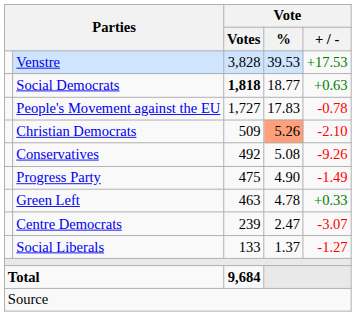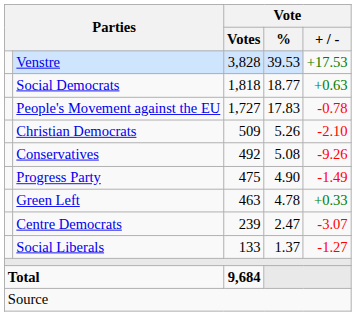 <table class="wikitable" style="text-align:right;">
 <tr>
 <th style="text-align:centre;" rowspan="2" colspan="2" width="225">Parties</th>
 <th colspan="3">Vote</th>
 </tr>
 <tr>
 <th width="15">Votes</th>
 <th width="15">%</th>
 <th width="15">+ / -</th>
 </tr>
 <tr>
 <td width="2" style="color:inherit;background:"></td>
 <td bgcolor=#cfe5fe   align="left"><a href='#'>Venstre</a></td>
 <td bgcolor=#cfe5fe>3,828</td>
 <td bgcolor=#cfe5fe>39.53</td>
 <td style=color:green;>+17.53</td>
 </tr>
 <tr>
 <td width="2" style="color:inherit;background:"></td>
 <td align="left"><a href='#'>Social Democrats</a></td>
-<td><strong>1,818</strong></td>
+<td>1,818</td>
 <td>18.77</td>
 <td style=color:green;>+0.63</td>
 </tr>
 <tr>
 <td width="2" style="color:inherit;background:"></td>
 <td align="left"><a href='#'>People's Movement against the EU</a></td>
 <td>1,727</td>
 <td>17.83</td>
 <td style=color:red;>-0.78</td>
 </tr>
 <tr>
 <td width="2" style="color:inherit;background:"></td>
 <td align="left"><a href='#'>Christian Democrats</a></td>
 <td>509</td>
-<td style="background: lightsalmon;">5.26</td>
+<td>5.26</td>
 <td style=color:red;>-2.10</td>
 </tr>
 <tr>
 <td width="2" style="color:inherit;background:"></td>
 <td align="left"><a href='#'>Conservatives</a></td>
 <td>492</td>
 <td>5.08</td>
 <td style=color:red;>-9.26</td>
 </tr>
 <tr>
 <td width="2" style="color:inherit;background:"></td>
 <td align="left"><a href='#'>Progress Party</a></td>
 <td>475</td>
 <td>4.90</td>
 <td style=color:red;>-1.49</td>
 </tr>
 <tr>
 <td width="2" style="color:inherit;background:"></td>
 <td align="left"><a href='#'>Green Left</a></td>
 <td>463</td>
 <td>4.78</td>
 <td style=color:green;>+0.33</td>
 </tr>
 <tr>
 <td width="2" style="color:inherit;background:"></td>
 <td align="left"><a href='#'>Centre Democrats</a></td>
 <td>239</td>
 <td>2.47</td>
 <td style=color:red;>-3.07</td>
 </tr>
 <tr>
 <td width="2" style="color:inherit;background:"></td>
 <td align="left"><a href='#'>Social Liberals</a></td>
 <td>133</td>
 <td>1.37</td>
 <td style=color:red;>-1.27</td>
 </tr>
 <tr>
 <td colspan="7" bgcolor="#E9E9E9"></td>
 </tr>
 <tr>
 <td align="left" colspan="2"><strong>Total</strong></td>
 <td><strong>9,684</strong></td>
 <td bgcolor="#E9E9E9" colspan="2"></td>
 </tr>
 <tr>
 <td align="left" colspan="6">Source</td>
 </tr>
 </table>
